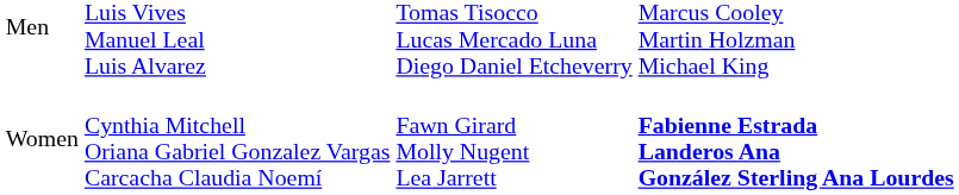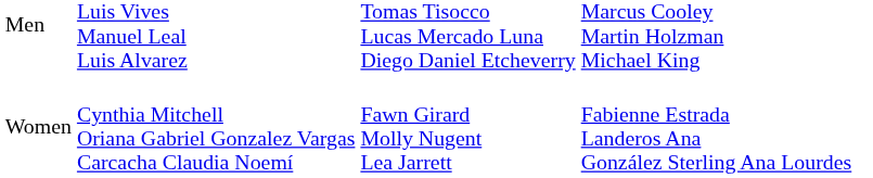 <table>
 <tr>
 <td>Men</td>
 <td><br><a href='#'>Luis Vives</a><br><a href='#'>Manuel Leal</a><br><a href='#'>Luis Alvarez</a></td>
 <td><br><a href='#'>Tomas Tisocco</a><br><a href='#'>Lucas Mercado Luna</a><br><a href='#'>Diego Daniel Etcheverry</a></td>
 <td><br><a href='#'>Marcus Cooley</a><br><a href='#'>Martin Holzman</a><br><a href='#'>Michael King</a></td>
 </tr>
 <tr>
 <td>Women</td>
 <td><br><a href='#'>Cynthia Mitchell</a><br><a href='#'>Oriana Gabriel Gonzalez Vargas</a><br><a href='#'>Carcacha Claudia Noemí</a></td>
 <td><br><a href='#'>Fawn Girard</a><br><a href='#'>Molly Nugent</a><br><a href='#'>Lea Jarrett</a></td>
-<td><strong><br><a href='#'>Fabienne Estrada</a><br><a href='#'>Landeros Ana</a><br><a href='#'>González Sterling Ana Lourdes</a></strong></td>
+<td><br><a href='#'>Fabienne Estrada</a><br><a href='#'>Landeros Ana</a><br><a href='#'>González Sterling Ana Lourdes</a></td>
 </tr>
 </table>
